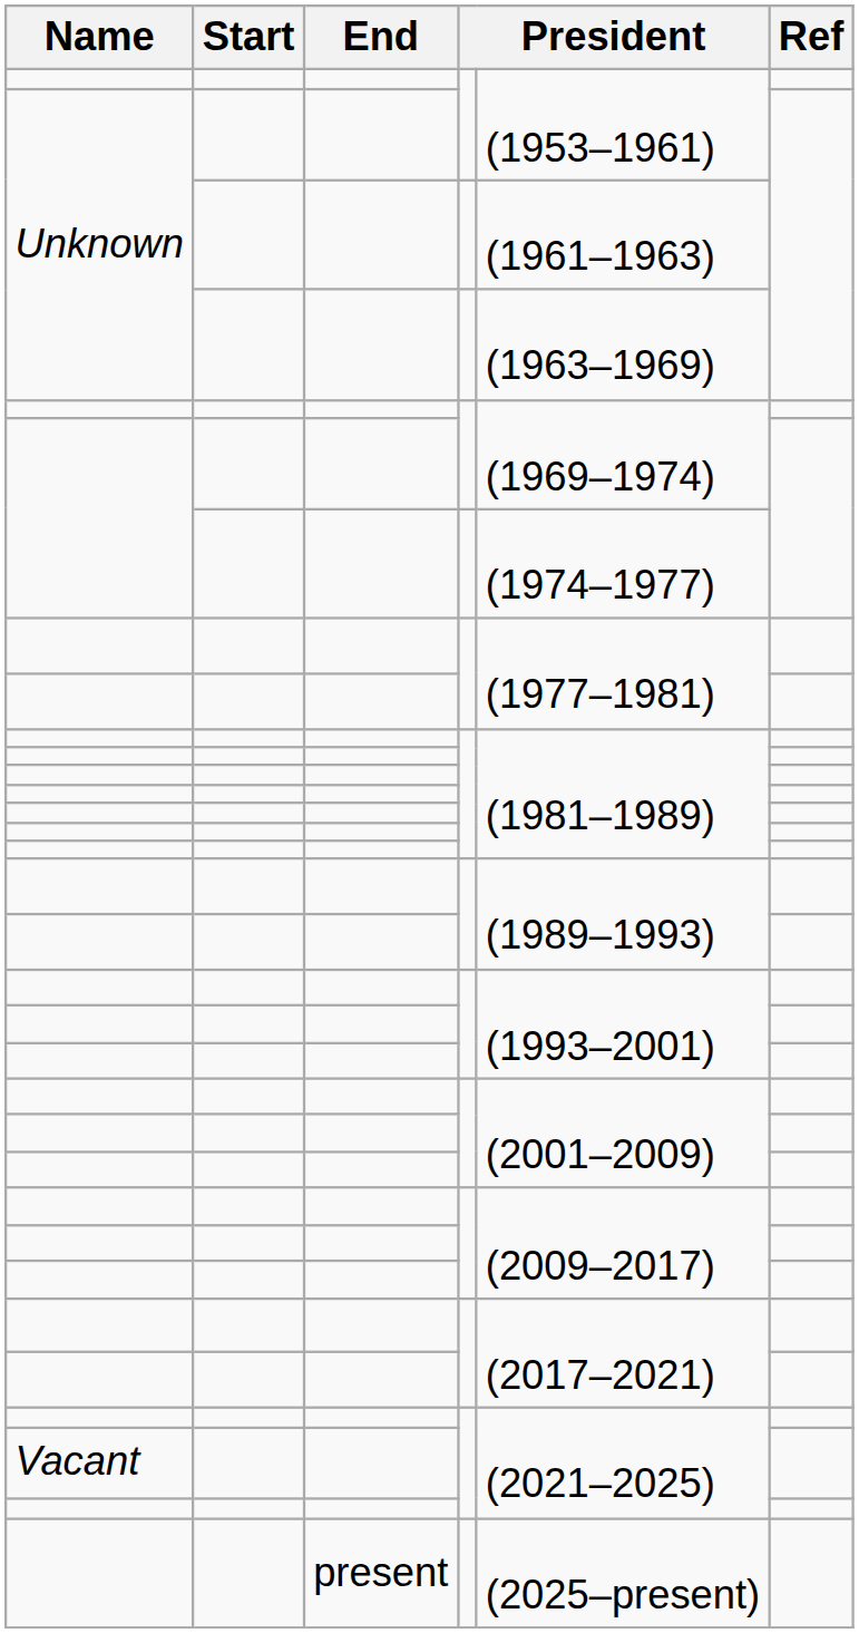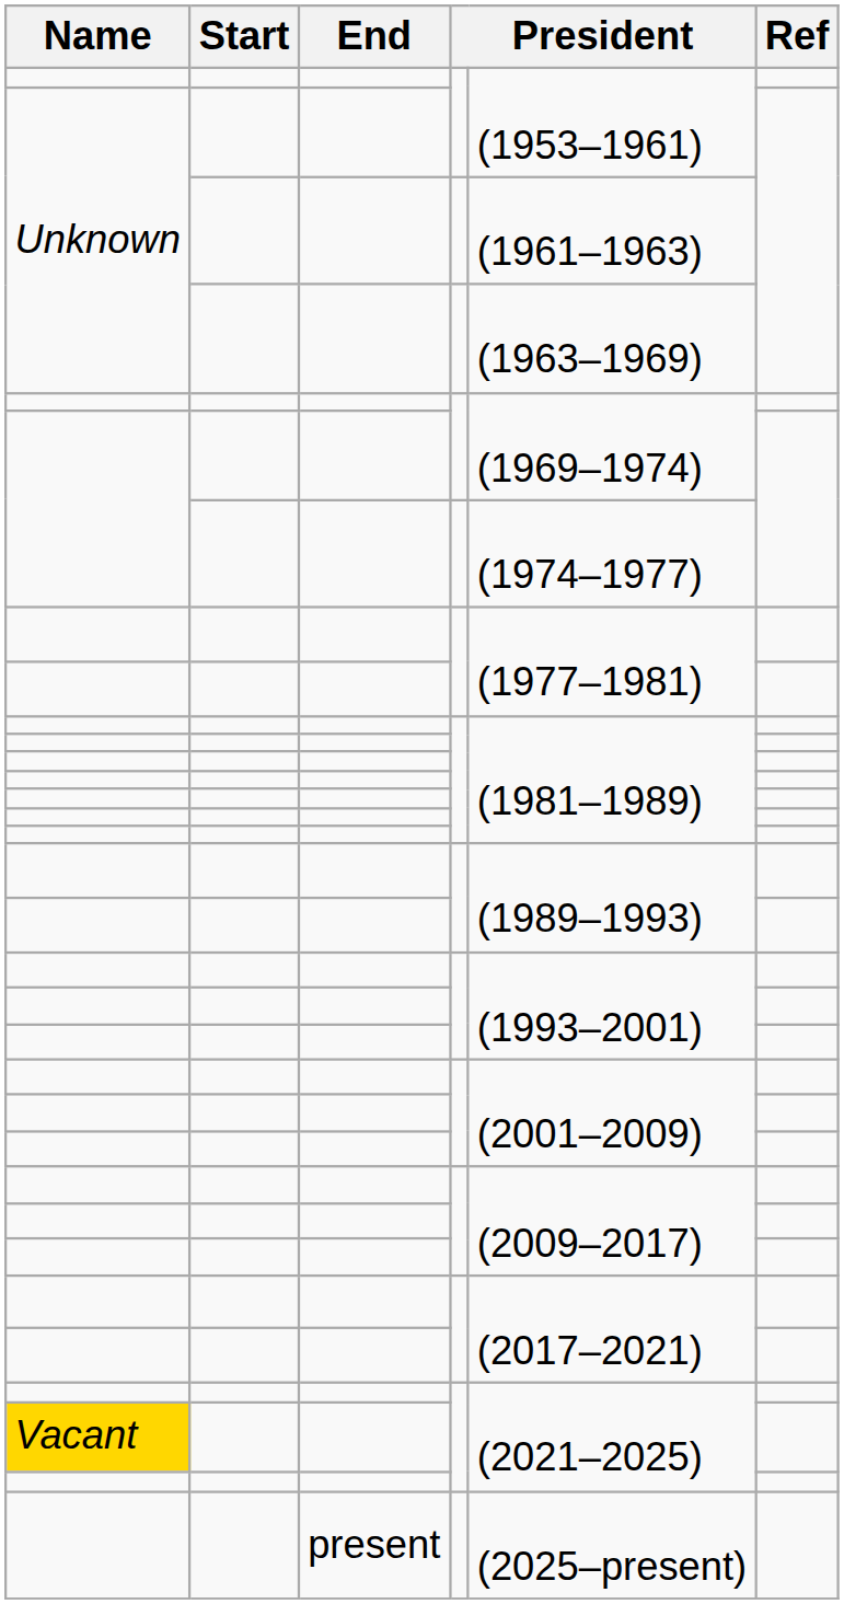 <table class="wikitable sortable">
 <tr>
 <th>Name</th>
 <th>Start</th>
 <th>End</th>
 <th colspan=2>President</th>
 <th>Ref</th>
 </tr>
 <tr>
 <td></td>
 <td></td>
 <td></td>
 <td rowspan=2 style="background: "></td>
 <td rowspan=2><br>(1953–1961)</td>
 <td></td>
 </tr>
 <tr>
 <td rowspan=3><em>Unknown</em></td>
 <td></td>
 <td></td>
 <td rowspan=3></td>
 </tr>
 <tr>
 <td></td>
 <td></td>
 <td style="background: "></td>
 <td><br>(1961–1963)</td>
 </tr>
 <tr>
 <td></td>
 <td></td>
 <td style="background: "></td>
 <td><br>(1963–1969)</td>
 </tr>
 <tr>
 <td></td>
 <td></td>
 <td></td>
 <td rowspan=2 style="background: "></td>
 <td rowspan=2><br>(1969–1974)</td>
 <td></td>
 </tr>
 <tr>
 <td rowspan=2></td>
 <td></td>
 <td></td>
 <td rowspan=2></td>
 </tr>
 <tr>
 <td></td>
 <td></td>
 <td style="background: "></td>
 <td><br>(1974–1977)</td>
 </tr>
 <tr>
 <td></td>
 <td></td>
 <td></td>
 <td rowspan=2 style="background: "></td>
 <td rowspan=2><br>(1977–1981)</td>
 <td></td>
 </tr>
 <tr>
 <td></td>
 <td></td>
 <td></td>
 <td></td>
 </tr>
 <tr>
 <td></td>
 <td></td>
 <td></td>
 <td rowspan=7 style="background: "></td>
 <td rowspan=7><br>(1981–1989)</td>
 <td></td>
 </tr>
 <tr>
 <td></td>
 <td></td>
 <td></td>
 <td></td>
 </tr>
 <tr>
 <td></td>
 <td></td>
 <td></td>
 <td></td>
 </tr>
 <tr>
 <td></td>
 <td></td>
 <td></td>
 <td></td>
 </tr>
 <tr>
 <td></td>
 <td></td>
 <td></td>
 <td></td>
 </tr>
 <tr>
 <td></td>
 <td></td>
 <td></td>
 <td></td>
 </tr>
 <tr>
 <td></td>
 <td></td>
 <td></td>
 <td></td>
 </tr>
 <tr>
 <td></td>
 <td></td>
 <td></td>
 <td rowspan=2 style="background: "></td>
 <td rowspan=2><br>(1989–1993)</td>
 <td></td>
 </tr>
 <tr>
 <td></td>
 <td></td>
 <td></td>
 <td></td>
 </tr>
 <tr>
 <td></td>
 <td></td>
 <td></td>
 <td rowspan=3 style="background: "></td>
 <td rowspan=3><br>(1993–2001)</td>
 <td></td>
 </tr>
 <tr>
 <td></td>
 <td></td>
 <td></td>
 <td></td>
 </tr>
 <tr>
 <td></td>
 <td></td>
 <td></td>
 <td></td>
 </tr>
 <tr>
 <td></td>
 <td></td>
 <td></td>
 <td rowspan=3 style="background: "></td>
 <td rowspan=3><br>(2001–2009)</td>
 <td></td>
 </tr>
 <tr>
 <td></td>
 <td></td>
 <td></td>
 <td></td>
 </tr>
 <tr>
 <td></td>
 <td></td>
 <td></td>
 <td></td>
 </tr>
 <tr>
 <td></td>
 <td></td>
 <td></td>
 <td rowspan=3 style="background: "></td>
 <td rowspan=3><br>(2009–2017)</td>
 <td></td>
 </tr>
 <tr>
 <td></td>
 <td></td>
 <td></td>
 <td></td>
 </tr>
 <tr>
 <td></td>
 <td></td>
 <td></td>
 <td></td>
 </tr>
 <tr>
 <td></td>
 <td></td>
 <td></td>
 <td rowspan=2 style="background: "></td>
 <td rowspan=2><br>(2017–2021)</td>
 <td></td>
 </tr>
 <tr>
 <td></td>
 <td></td>
 <td></td>
 <td></td>
 </tr>
 <tr>
 <td></td>
 <td></td>
 <td></td>
 <td rowspan=3 style="background: "></td>
 <td rowspan=3><br>(2021–2025)</td>
 <td></td>
 </tr>
 <tr>
-<td><em>Vacant</em></td>
+<td style="background: gold;"><em>Vacant</em></td>
 <td></td>
 <td></td>
 <td></td>
 </tr>
 <tr>
 <td></td>
 <td></td>
 <td></td>
 <td></td>
 </tr>
 <tr>
 <td></td>
 <td></td>
 <td>present</td>
 <td style="background: "></td>
 <td><br>(2025–present)</td>
 <td></td>
 </tr>
 </table>
